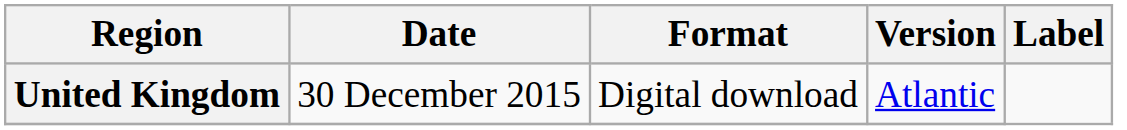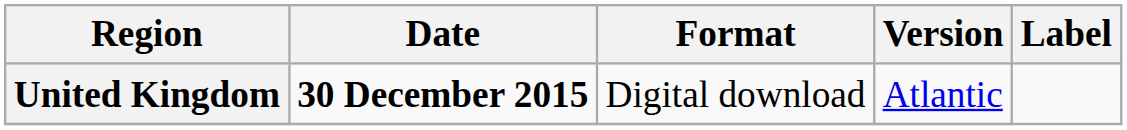 <table class="wikitable plainrowheaders">
 <tr>
 <th scope="col">Region</th>
 <th scope="col">Date</th>
 <th scope="col">Format</th>
 <th scope="col">Version</th>
 <th scope="col">Label</th>
 </tr>
 <tr>
 <th scope="row">United Kingdom</th>
-<td>30 December 2015</td>
+<td><strong>30 December 2015</strong></td>
 <td rowspan="1">Digital download</td>
 <td rowspan="1"><a href='#'>Atlantic</a></td>
 </tr>
 <tr>
 </tr>
 </table>
